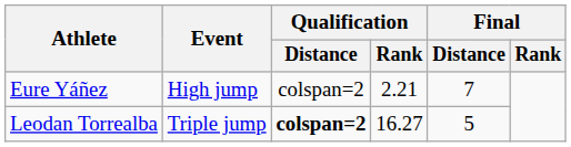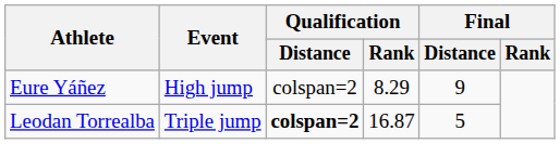 <table class=wikitable style="font-size:90%;">
 <tr>
 <th rowspan=2>Athlete</th>
 <th rowspan=2>Event</th>
 <th colspan=2>Qualification</th>
 <th colspan=2>Final</th>
 </tr>
 <tr style="font-size:95%">
 <th>Distance</th>
 <th>Rank</th>
 <th>Distance</th>
 <th>Rank</th>
 </tr>
 <tr align=center>
 <td align=left><a href='#'>Eure Yáñez</a></td>
 <td align=left><a href='#'>High jump</a></td>
 <td>colspan=2 </td>
-<td>2.21</td>
-<td>7</td>
+<td>8.29</td>
+<td>9</td>
 </tr>
 <tr align=center>
 <td align=left><a href='#'>Leodan Torrealba</a></td>
 <td align=left><a href='#'>Triple jump</a></td>
 <td><strong>colspan=2 </strong></td>
-<td>16.27</td>
+<td>16.87</td>
 <td>5</td>
 </tr>
 </table>
